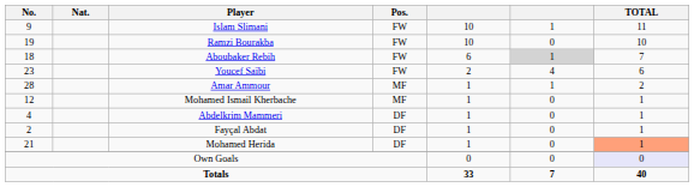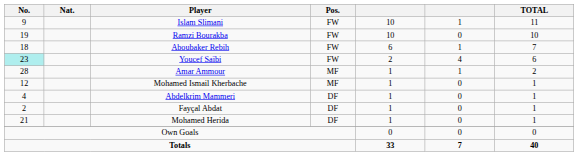 <table class="wikitable sortable alternance"  style="font-size:85%; text-align:center; line-height:14px; width:60%;">
 <tr>
 <th width=10>No.</th>
 <th width=10>Nat.</th>
 <th width=140>Player</th>
 <th width=10>Pos.</th>
 <th width=40></th>
 <th width=40></th>
 <th width=10>TOTAL</th>
 </tr>
 <tr>
 <td>9</td>
 <td></td>
 <td><a href='#'>Islam Slimani</a></td>
 <td>FW</td>
 <td>10</td>
 <td>1</td>
 <td>11</td>
 </tr>
 <tr>
 <td>19</td>
 <td></td>
 <td><a href='#'>Ramzi Bourakba</a></td>
 <td>FW</td>
 <td>10</td>
 <td>0</td>
 <td>10</td>
 </tr>
 <tr>
 <td>18</td>
 <td></td>
 <td><a href='#'>Aboubaker Rebih</a></td>
 <td>FW</td>
 <td>6</td>
-<td style="background: lightgrey;">1</td>
+<td>1</td>
 <td>7</td>
 </tr>
 <tr>
-<td>23</td>
+<td style="background: paleturquoise;">23</td>
 <td></td>
 <td><a href='#'>Youcef Saïbi</a></td>
 <td>FW</td>
 <td>2</td>
 <td>4</td>
 <td>6</td>
 </tr>
 <tr>
 <td>28</td>
 <td></td>
 <td><a href='#'>Amar Ammour</a></td>
 <td>MF</td>
 <td>1</td>
 <td>1</td>
 <td>2</td>
 </tr>
 <tr>
 <td>12</td>
 <td></td>
 <td>Mohamed Ismail Kherbache</td>
 <td>MF</td>
 <td>1</td>
 <td>0</td>
 <td>1</td>
 </tr>
 <tr>
 <td>4</td>
 <td></td>
 <td><a href='#'>Abdelkrim Mammeri</a></td>
 <td>DF</td>
 <td>1</td>
 <td>0</td>
 <td>1</td>
 </tr>
 <tr>
 <td>2</td>
 <td></td>
 <td>Fayçal Abdat</td>
 <td>DF</td>
 <td>1</td>
 <td>0</td>
 <td>1</td>
 </tr>
 <tr>
 <td>21</td>
 <td></td>
 <td>Mohamed Herida</td>
 <td>DF</td>
 <td>1</td>
 <td>0</td>
-<td style="background: lightsalmon;">1</td>
+<td>1</td>
 </tr>
 <tr>
 </tr>
 <tr class="sortbottom">
 <td colspan="4">Own Goals</td>
 <td>0</td>
 <td>0</td>
-<td style="background: lavender;">0</td>
+<td>0</td>
 </tr>
 <tr class="sortbottom">
 <td colspan="4"><strong>Totals</strong></td>
 <td><strong>33</strong></td>
 <td><strong>7</strong></td>
 <td><strong>40</strong></td>
 </tr>
 </table>
